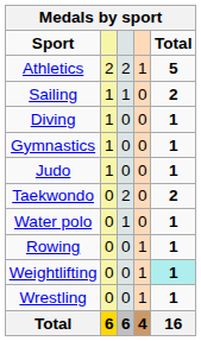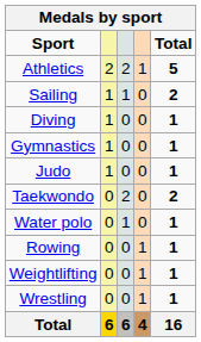 <table class="wikitable floatright" style="font-size:85%;">
 <tr style="background:#efefef;">
 <th colspan=5>Medals by sport</th>
 </tr>
 <tr align=center>
 <td><strong>Sport</strong></td>
 <td bgcolor=#f7f6a8></td>
 <td bgcolor=#dce5e5></td>
 <td bgcolor=#ffdab9></td>
 <td><strong>Total</strong></td>
 </tr>
 <tr align=center>
 <td><a href='#'>Athletics</a></td>
 <td style="background:#F7F6A8;">2</td>
 <td style="background:#DCE5E5;">2</td>
 <td style="background:#FFDAB9;">1</td>
 <td><strong>5</strong></td>
 </tr>
 <tr align=center>
 <td><a href='#'>Sailing</a></td>
 <td style="background:#F7F6A8;">1</td>
 <td style="background:#DCE5E5;">1</td>
 <td style="background:#FFDAB9;">0</td>
 <td><strong>2</strong></td>
 </tr>
 <tr align=center>
 <td><a href='#'>Diving</a></td>
 <td style="background:#F7F6A8;">1</td>
 <td style="background:#DCE5E5;">0</td>
 <td style="background:#FFDAB9;">0</td>
 <td><strong>1</strong></td>
 </tr>
 <tr align=center>
 <td><a href='#'>Gymnastics</a></td>
 <td style="background:#F7F6A8;">1</td>
 <td style="background:#DCE5E5;">0</td>
 <td style="background:#FFDAB9;">0</td>
 <td><strong>1</strong></td>
 </tr>
 <tr align=center>
 <td><a href='#'>Judo</a></td>
 <td style="background:#F7F6A8;">1</td>
 <td style="background:#DCE5E5;">0</td>
 <td style="background:#FFDAB9;">0</td>
 <td><strong>1</strong></td>
 </tr>
 <tr align=center>
 <td><a href='#'>Taekwondo</a></td>
 <td style="background:#F7F6A8;">0</td>
 <td style="background:#DCE5E5;">2</td>
 <td style="background:#FFDAB9;">0</td>
 <td><strong>2</strong></td>
 </tr>
 <tr align=center>
 <td><a href='#'>Water polo</a></td>
 <td style="background:#F7F6A8;">0</td>
 <td style="background:#DCE5E5;">1</td>
 <td style="background:#FFDAB9;">0</td>
 <td><strong>1</strong></td>
 </tr>
 <tr align=center>
 <td><a href='#'>Rowing</a></td>
 <td style="background:#F7F6A8;">0</td>
 <td style="background:#DCE5E5;">0</td>
 <td style="background:#FFDAB9;">1</td>
 <td><strong>1</strong></td>
 </tr>
 <tr align=center>
 <td><a href='#'>Weightlifting</a></td>
 <td style="background:#F7F6A8;">0</td>
 <td style="background:#DCE5E5;">0</td>
 <td style="background:#FFDAB9;">1</td>
-<td style="background: paleturquoise;"><strong>1</strong></td>
+<td><strong>1</strong></td>
 </tr>
 <tr align=center>
 <td><a href='#'>Wrestling</a></td>
 <td style="background:#F7F6A8;">0</td>
 <td style="background:#DCE5E5;">0</td>
 <td style="background:#FFDAB9;">1</td>
 <td><strong>1</strong></td>
 </tr>
 <tr align=center>
 <th>Total</th>
 <th style="background:gold;">6</th>
 <th style="background:silver;">6</th>
 <th style="background:#c96;">4</th>
 <th>16</th>
 </tr>
 </table>
